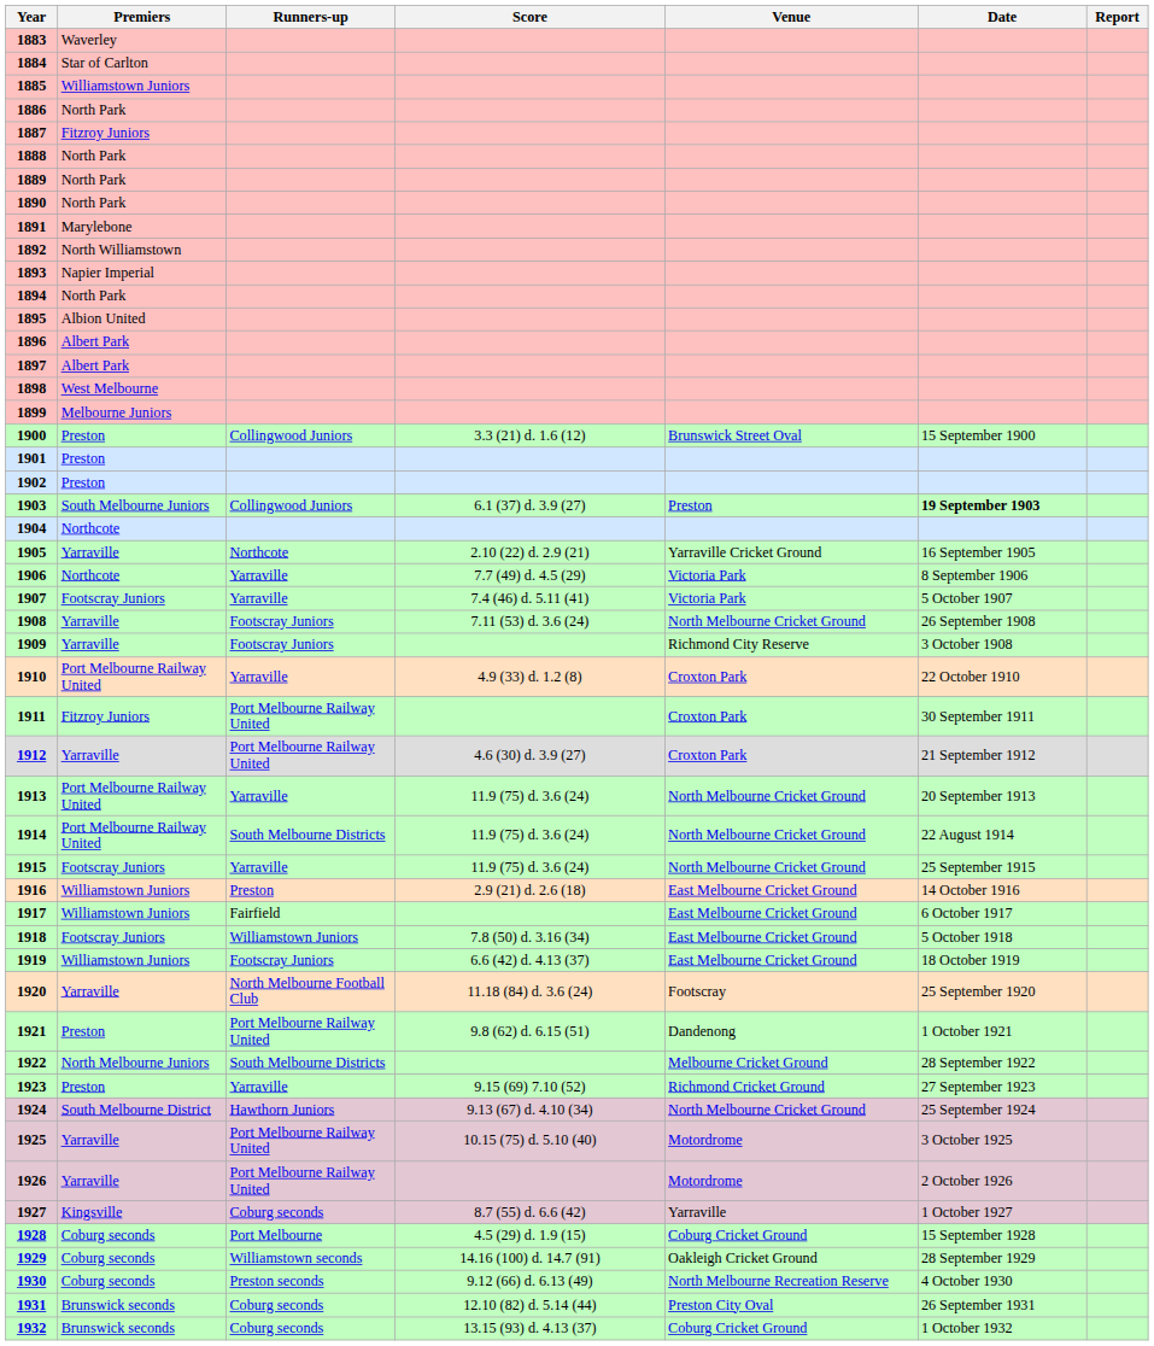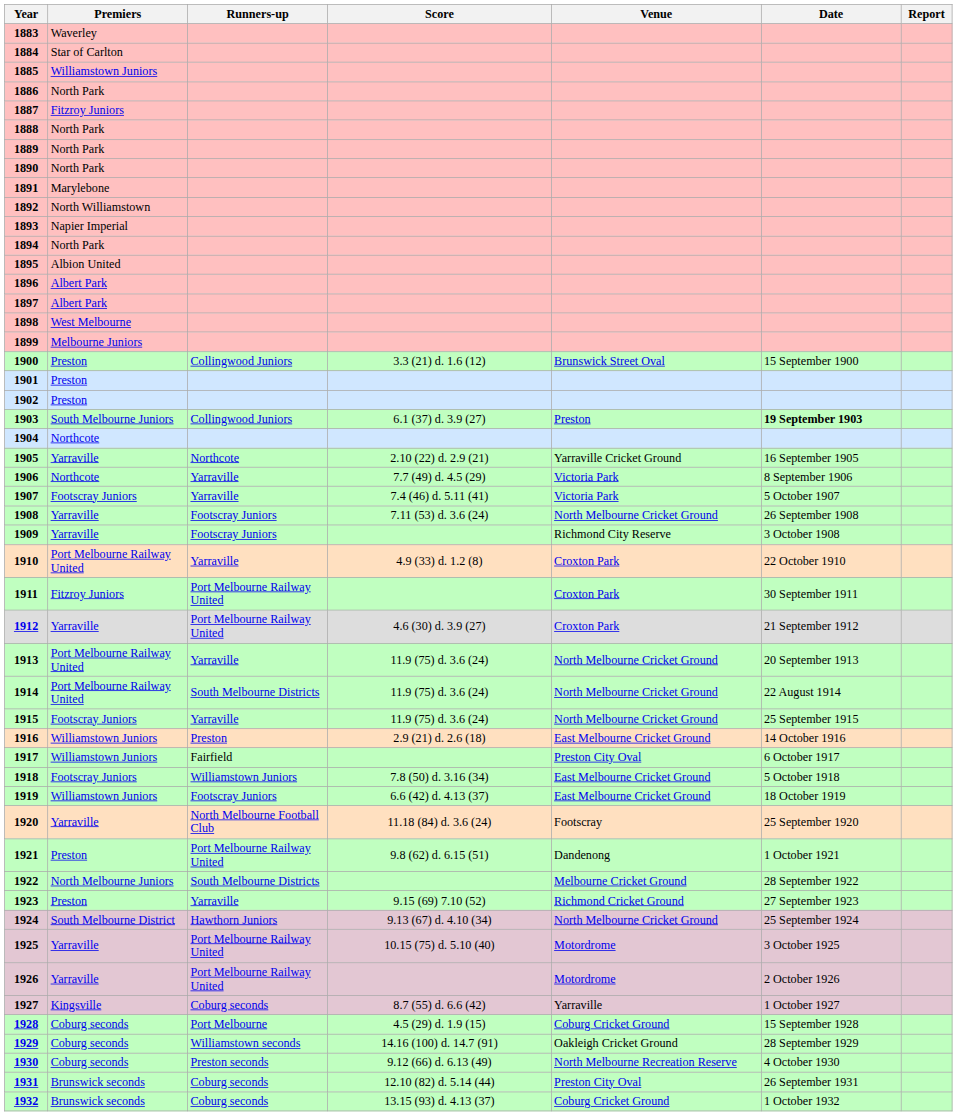 <table class="wikitable sortable" style="text-align:center; text-valign:center">
 <tr>
 <th width=3%>Year</th>
 <th width=10%>Premiers</th>
 <th width=10%>Runners-up</th>
 <th width=16%>Score</th>
 <th width=15%>Venue</th>
 <th width=10%; class=unsortable>Date</th>
 <th width=2%; class=unsortable>Report</th>
 </tr>
 <tr style="background:#FFC0C0;">
 <td><strong>1883</strong></td>
 <td align=left>Waverley </td>
 <td align=left></td>
 <td></td>
 <td align=left></td>
 <td align=left></td>
 <td></td>
 </tr>
 <tr style="background:#FFC0C0;">
 <td><strong>1884</strong></td>
 <td align=left>Star of Carlton </td>
 <td align=left></td>
 <td></td>
 <td align=left></td>
 <td align=left></td>
 <td></td>
 </tr>
 <tr style="background:#FFC0C0;">
 <td><strong>1885</strong></td>
 <td align=left><a href='#'>Williamstown Juniors</a> </td>
 <td align=left></td>
 <td></td>
 <td align=left></td>
 <td align=left></td>
 <td></td>
 </tr>
 <tr style="background:#FFC0C0;">
 <td><strong>1886</strong></td>
 <td align=left>North Park </td>
 <td align=left></td>
 <td></td>
 <td align=left></td>
 <td align=left></td>
 <td></td>
 </tr>
 <tr style="background:#FFC0C0;">
 <td><strong>1887</strong></td>
 <td align=left><a href='#'>Fitzroy Juniors</a>  </td>
 <td align=left></td>
 <td></td>
 <td align=left></td>
 <td align=left></td>
 <td></td>
 </tr>
 <tr style="background:#FFC0C0;">
 <td><strong>1888</strong></td>
 <td align=left>North Park </td>
 <td align=left></td>
 <td></td>
 <td align=left></td>
 <td align=left></td>
 <td></td>
 </tr>
 <tr style="background:#FFC0C0;">
 <td><strong>1889</strong></td>
 <td align=left>North Park </td>
 <td align=left></td>
 <td></td>
 <td align=left></td>
 <td align=left></td>
 <td></td>
 </tr>
 <tr style="background:#FFC0C0;">
 <td><strong>1890</strong></td>
 <td align=left>North Park </td>
 <td align=left></td>
 <td></td>
 <td align=left></td>
 <td align=left></td>
 <td></td>
 </tr>
 <tr style="background:#FFC0C0;">
 <td><strong>1891</strong></td>
 <td align=left>Marylebone </td>
 <td align=left></td>
 <td></td>
 <td align=left></td>
 <td align=left></td>
 <td></td>
 </tr>
 <tr style="background:#FFC0C0;">
 <td><strong>1892</strong></td>
 <td align=left>North Williamstown </td>
 <td align=left></td>
 <td></td>
 <td align=left></td>
 <td align=left></td>
 <td></td>
 </tr>
 <tr style="background:#FFC0C0;">
 <td><strong>1893</strong></td>
 <td align=left>Napier Imperial </td>
 <td align=left></td>
 <td></td>
 <td align=left></td>
 <td align=left></td>
 <td></td>
 </tr>
 <tr style="background:#FFC0C0;">
 <td><strong>1894</strong></td>
 <td align=left>North Park </td>
 <td align=left></td>
 <td></td>
 <td align=left></td>
 <td align=left></td>
 <td></td>
 </tr>
 <tr style="background:#FFC0C0;">
 <td><strong>1895</strong></td>
 <td align=left>Albion United </td>
 <td align=left></td>
 <td></td>
 <td align=left></td>
 <td align=left></td>
 <td></td>
 </tr>
 <tr style="background:#FFC0C0;">
 <td><strong>1896</strong></td>
 <td align=left><a href='#'>Albert Park</a> </td>
 <td align=left></td>
 <td></td>
 <td align=left></td>
 <td align=left></td>
 <td></td>
 </tr>
 <tr style="background:#FFC0C0;">
 <td><strong>1897</strong></td>
 <td align=left><a href='#'>Albert Park</a> </td>
 <td align=left></td>
 <td></td>
 <td align=left></td>
 <td align=left></td>
 <td></td>
 </tr>
 <tr style="background:#FFC0C0;">
 <td><strong>1898</strong></td>
 <td align=left><a href='#'>West Melbourne</a> </td>
 <td align=left></td>
 <td></td>
 <td align=left></td>
 <td align=left></td>
 <td></td>
 </tr>
 <tr style="background:#FFC0C0;">
 <td><strong>1899</strong></td>
 <td align=left><a href='#'>Melbourne Juniors</a> </td>
 <td align=left></td>
 <td></td>
 <td align=left></td>
 <td align=left></td>
 <td></td>
 </tr>
 <tr style="background:#C0FFC0;">
 <td><strong>1900</strong></td>
 <td align=left><a href='#'>Preston</a> </td>
 <td align=left><a href='#'>Collingwood Juniors</a></td>
 <td>3.3 (21) d. 1.6 (12)</td>
 <td align=left><a href='#'>Brunswick Street Oval</a></td>
 <td align=left>15 September 1900</td>
 <td></td>
 </tr>
 <tr style="background:#D0E7FF;">
 <td><strong>1901</strong></td>
 <td align=left><a href='#'>Preston</a> </td>
 <td align=left></td>
 <td></td>
 <td align=left></td>
 <td align=left></td>
 <td></td>
 </tr>
 <tr style="background:#D0E7FF;">
 <td><strong>1902</strong></td>
 <td align=left><a href='#'>Preston</a> </td>
 <td align=left></td>
 <td></td>
 <td align=left></td>
 <td align=left></td>
 <td></td>
 </tr>
 <tr style="background:#C0FFC0;">
 <td><strong>1903</strong></td>
 <td align=left><a href='#'>South Melbourne Juniors</a> </td>
 <td align=left><a href='#'>Collingwood Juniors</a></td>
 <td>6.1 (37) d. 3.9 (27)</td>
 <td align=left><a href='#'>Preston</a></td>
 <td align=left><strong>19 September 1903</strong></td>
 <td></td>
 </tr>
 <tr style="background:#D0E7FF;">
 <td><strong>1904</strong></td>
 <td align=left><a href='#'>Northcote</a> </td>
 <td align=left></td>
 <td></td>
 <td align=left></td>
 <td align=left></td>
 <td></td>
 </tr>
 <tr style="background:#C0FFC0;">
 <td><strong>1905</strong></td>
 <td align=left><a href='#'>Yarraville</a> </td>
 <td align=left><a href='#'>Northcote</a></td>
 <td>2.10 (22) d. 2.9 (21)</td>
 <td align=left>Yarraville Cricket Ground</td>
 <td align=left>16 September 1905</td>
 <td></td>
 </tr>
 <tr style="background:#C0FFC0;">
 <td><strong>1906</strong></td>
 <td align=left><a href='#'>Northcote</a> </td>
 <td align=left><a href='#'>Yarraville</a></td>
 <td>7.7 (49) d. 4.5 (29)</td>
 <td align=left><a href='#'>Victoria Park</a></td>
 <td align=left>8 September 1906</td>
 <td></td>
 </tr>
 <tr style="background:#C0FFC0;">
 <td><strong>1907</strong></td>
 <td align=left><a href='#'>Footscray Juniors</a> </td>
 <td align=left><a href='#'>Yarraville</a></td>
 <td>7.4 (46) d. 5.11 (41)</td>
 <td align=left><a href='#'>Victoria Park</a></td>
 <td align=left>5 October 1907</td>
 <td></td>
 </tr>
 <tr style="background:#C0FFC0;">
 <td><strong>1908</strong></td>
 <td align=left><a href='#'>Yarraville</a> </td>
 <td align=left><a href='#'>Footscray Juniors</a></td>
 <td>7.11 (53) d. 3.6 (24)</td>
 <td align=left><a href='#'>North Melbourne Cricket Ground</a></td>
 <td align=left>26 September 1908</td>
 <td></td>
 </tr>
 <tr style="background:#C0FFC0;">
 <td><strong>1909</strong></td>
 <td align=left><a href='#'>Yarraville</a> </td>
 <td align=left><a href='#'>Footscray Juniors</a></td>
 <td></td>
 <td align=left>Richmond City Reserve</td>
 <td align=left>3 October 1908</td>
 <td></td>
 </tr>
 <tr style="background:#FFE0C0;">
 <td><strong>1910</strong></td>
 <td align=left><a href='#'>Port Melbourne Railway United</a> </td>
 <td align=left><a href='#'>Yarraville</a></td>
 <td>4.9 (33) d. 1.2 (8)</td>
 <td align=left><a href='#'>Croxton Park</a></td>
 <td align=left>22 October 1910</td>
 <td></td>
 </tr>
 <tr style="background:#C0FFC0;">
 <td><strong>1911</strong></td>
 <td align=left><a href='#'>Fitzroy Juniors</a>  </td>
 <td align=left><a href='#'>Port Melbourne Railway United</a></td>
 <td></td>
 <td align=left><a href='#'>Croxton Park</a></td>
 <td align=left>30 September 1911</td>
 <td></td>
 </tr>
 <tr style="background:#DDDDDD;">
 <td><strong><a href='#'>1912</a></strong></td>
 <td align=left><a href='#'>Yarraville</a>  </td>
 <td align=left><a href='#'>Port Melbourne Railway United</a></td>
 <td>4.6 (30) d. 3.9 (27)</td>
 <td align=left><a href='#'>Croxton Park</a></td>
 <td align=left>21 September 1912</td>
 <td></td>
 </tr>
 <tr style="background:#C0FFC0;">
 <td><strong>1913</strong></td>
 <td align=left><a href='#'>Port Melbourne Railway United</a> </td>
 <td align=left><a href='#'>Yarraville</a></td>
 <td>11.9 (75) d. 3.6 (24)</td>
 <td align=left><a href='#'>North Melbourne Cricket Ground</a></td>
 <td align=left>20 September 1913</td>
 <td></td>
 </tr>
 <tr style="background:#C0FFC0;">
 <td><strong>1914</strong></td>
 <td align=left><a href='#'>Port Melbourne Railway United</a> </td>
 <td align=left><a href='#'>South Melbourne Districts</a></td>
 <td>11.9 (75) d. 3.6 (24)</td>
 <td align=left><a href='#'>North Melbourne Cricket Ground</a></td>
 <td align=left>22 August 1914</td>
 <td></td>
 </tr>
 <tr style="background:#C0FFC0;">
 <td><strong>1915</strong></td>
 <td align=left><a href='#'>Footscray Juniors</a> </td>
 <td align=left><a href='#'>Yarraville</a></td>
 <td>11.9 (75) d. 3.6 (24)</td>
 <td align=left><a href='#'>North Melbourne Cricket Ground</a></td>
 <td align=left>25 September 1915</td>
 <td></td>
 </tr>
 <tr style="background:#FFE0C0;">
 <td><strong>1916</strong></td>
 <td align=left><a href='#'>Williamstown Juniors</a> </td>
 <td align=left><a href='#'>Preston</a></td>
 <td>2.9 (21) d. 2.6 (18)</td>
 <td align=left><a href='#'>East Melbourne Cricket Ground</a></td>
 <td align=left>14 October 1916</td>
 <td></td>
 </tr>
 <tr style="background:#C0FFC0;">
 <td><strong>1917</strong></td>
 <td align=left><a href='#'>Williamstown Juniors</a> </td>
 <td align=left>Fairfield</td>
 <td></td>
-<td align=left><a href='#'>East Melbourne Cricket Ground</a></td>
+<td align=left><a href='#'>Preston City Oval</a></td>
 <td align=left>6 October 1917</td>
 <td></td>
 </tr>
 <tr style="background:#C0FFC0;">
 <td><strong>1918</strong></td>
 <td align=left><a href='#'>Footscray Juniors</a> </td>
 <td align=left><a href='#'>Williamstown Juniors</a></td>
 <td>7.8 (50) d. 3.16 (34)</td>
 <td align=left><a href='#'>East Melbourne Cricket Ground</a></td>
 <td align=left>5 October 1918</td>
 <td></td>
 </tr>
 <tr style="background:#C0FFC0;">
 <td><strong>1919</strong></td>
 <td align=left><a href='#'>Williamstown Juniors</a> </td>
 <td align=left><a href='#'>Footscray Juniors</a></td>
 <td>6.6 (42) d. 4.13 (37)</td>
 <td align=left><a href='#'>East Melbourne Cricket Ground</a></td>
 <td align=left>18 October 1919</td>
 <td></td>
 </tr>
 <tr style="background:#FFE0C0;">
 <td><strong>1920</strong></td>
 <td align=left><a href='#'>Yarraville</a> </td>
 <td align=left><a href='#'>North Melbourne Football Club</a></td>
 <td>11.18 (84) d. 3.6 (24)</td>
 <td align=left>Footscray</td>
 <td align=left>25 September 1920</td>
 <td></td>
 </tr>
 <tr style="background:#C0FFC0;">
 <td><strong>1921</strong></td>
 <td align=left><a href='#'>Preston</a> </td>
 <td align=left><a href='#'>Port Melbourne Railway United</a></td>
 <td>9.8 (62) d. 6.15 (51)</td>
 <td align=left>Dandenong</td>
 <td align=left>1 October 1921</td>
 <td></td>
 </tr>
 <tr style="background:#C0FFC0;">
 <td><strong>1922</strong></td>
 <td align=left><a href='#'>North Melbourne Juniors</a> </td>
 <td align=left><a href='#'>South Melbourne Districts</a></td>
 <td></td>
 <td align=left><a href='#'>Melbourne Cricket Ground</a></td>
 <td align=left>28 September 1922</td>
 <td></td>
 </tr>
 <tr style="background:#C0FFC0;">
 <td><strong>1923</strong></td>
 <td align=left><a href='#'>Preston</a> </td>
 <td align=left><a href='#'>Yarraville</a></td>
 <td>9.15 (69) 7.10 (52)</td>
 <td align=left><a href='#'>Richmond Cricket Ground</a></td>
 <td align=left>27 September 1923</td>
 <td></td>
 </tr>
 <tr style="background:#E3C7D3;">
 <td><strong>1924</strong></td>
 <td align=left><a href='#'>South Melbourne District</a> </td>
 <td align=left><a href='#'>Hawthorn Juniors</a></td>
 <td>9.13 (67) d. 4.10 (34)</td>
 <td align=left><a href='#'>North Melbourne Cricket Ground</a></td>
 <td align=left>25 September 1924</td>
 <td></td>
 </tr>
 <tr style="background:#E3C7D3;">
 <td><strong>1925</strong></td>
 <td align=left><a href='#'>Yarraville</a> </td>
 <td align=left><a href='#'>Port Melbourne Railway United</a></td>
 <td>10.15 (75) d. 5.10 (40)</td>
 <td align=left><a href='#'>Motordrome</a></td>
 <td align=left>3 October 1925</td>
 <td></td>
 </tr>
 <tr style="background:#E3C7D3;">
 <td><strong>1926</strong></td>
 <td align=left><a href='#'>Yarraville</a> </td>
 <td align=left><a href='#'>Port Melbourne Railway United</a></td>
 <td></td>
 <td align=left><a href='#'>Motordrome</a></td>
 <td align=left>2 October 1926</td>
 <td></td>
 </tr>
 <tr style="background:#E3C7D3;">
 <td><strong>1927</strong></td>
 <td align=left><a href='#'>Kingsville</a> </td>
 <td align=left><a href='#'>Coburg seconds</a></td>
 <td>8.7 (55) d. 6.6 (42)</td>
 <td align=left>Yarraville</td>
 <td align=left>1 October 1927</td>
 <td></td>
 </tr>
 <tr style="background:#C0FFC0;">
 <td><strong><a href='#'>1928</a></strong></td>
 <td align=left><a href='#'>Coburg seconds</a> </td>
 <td align=left><a href='#'>Port Melbourne</a></td>
 <td>4.5 (29) d. 1.9 (15)</td>
 <td align=left><a href='#'>Coburg Cricket Ground</a></td>
 <td align=left>15 September 1928</td>
 <td></td>
 </tr>
 <tr style="background:#C0FFC0;">
 <td><strong><a href='#'>1929</a></strong></td>
 <td align=left><a href='#'>Coburg seconds</a> </td>
 <td align=left><a href='#'>Williamstown seconds</a></td>
 <td>14.16 (100) d. 14.7 (91)</td>
 <td align=left>Oakleigh Cricket Ground</td>
 <td align=left>28 September 1929</td>
 <td></td>
 </tr>
 <tr style="background:#C0FFC0;">
 <td><strong><a href='#'>1930</a></strong></td>
 <td align=left><a href='#'>Coburg seconds</a> </td>
 <td align=left><a href='#'>Preston seconds</a></td>
 <td>9.12 (66) d. 6.13 (49)</td>
 <td align=left><a href='#'>North Melbourne Recreation Reserve</a></td>
 <td align=left>4 October 1930</td>
 <td></td>
 </tr>
 <tr style="background:#C0FFC0;">
 <td><strong><a href='#'>1931</a></strong></td>
 <td align=left><a href='#'>Brunswick seconds</a> </td>
 <td align=left><a href='#'>Coburg seconds</a></td>
 <td>12.10 (82) d. 5.14 (44)</td>
 <td align=left><a href='#'>Preston City Oval</a></td>
 <td align=left>26 September 1931</td>
 <td></td>
 </tr>
 <tr style="background:#C0FFC0;">
 <td><strong><a href='#'>1932</a></strong></td>
 <td align=left><a href='#'>Brunswick seconds</a> </td>
 <td align=left><a href='#'>Coburg seconds</a></td>
 <td>13.15 (93) d. 4.13 (37)</td>
 <td align=left><a href='#'>Coburg Cricket Ground</a></td>
 <td align=left>1 October 1932</td>
 <td></td>
 </tr>
 </table>
